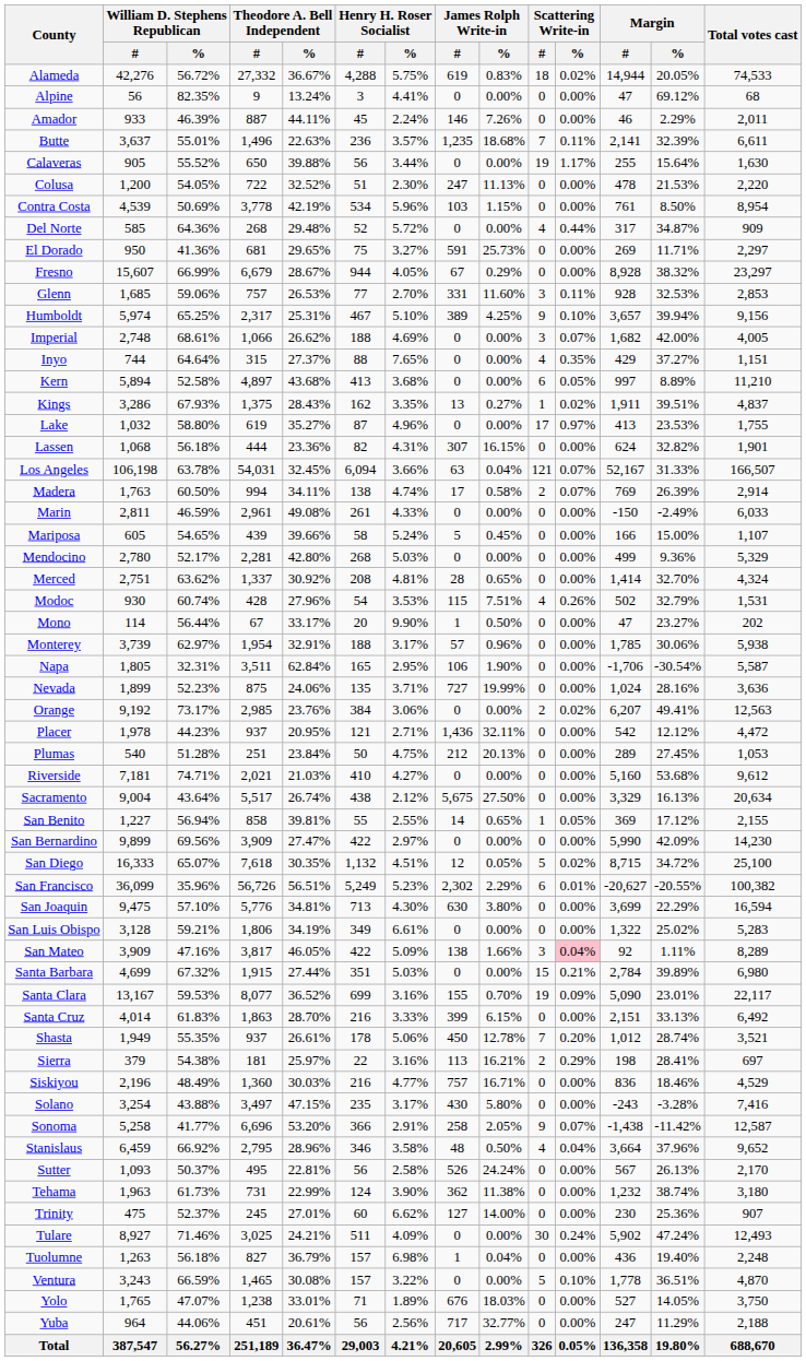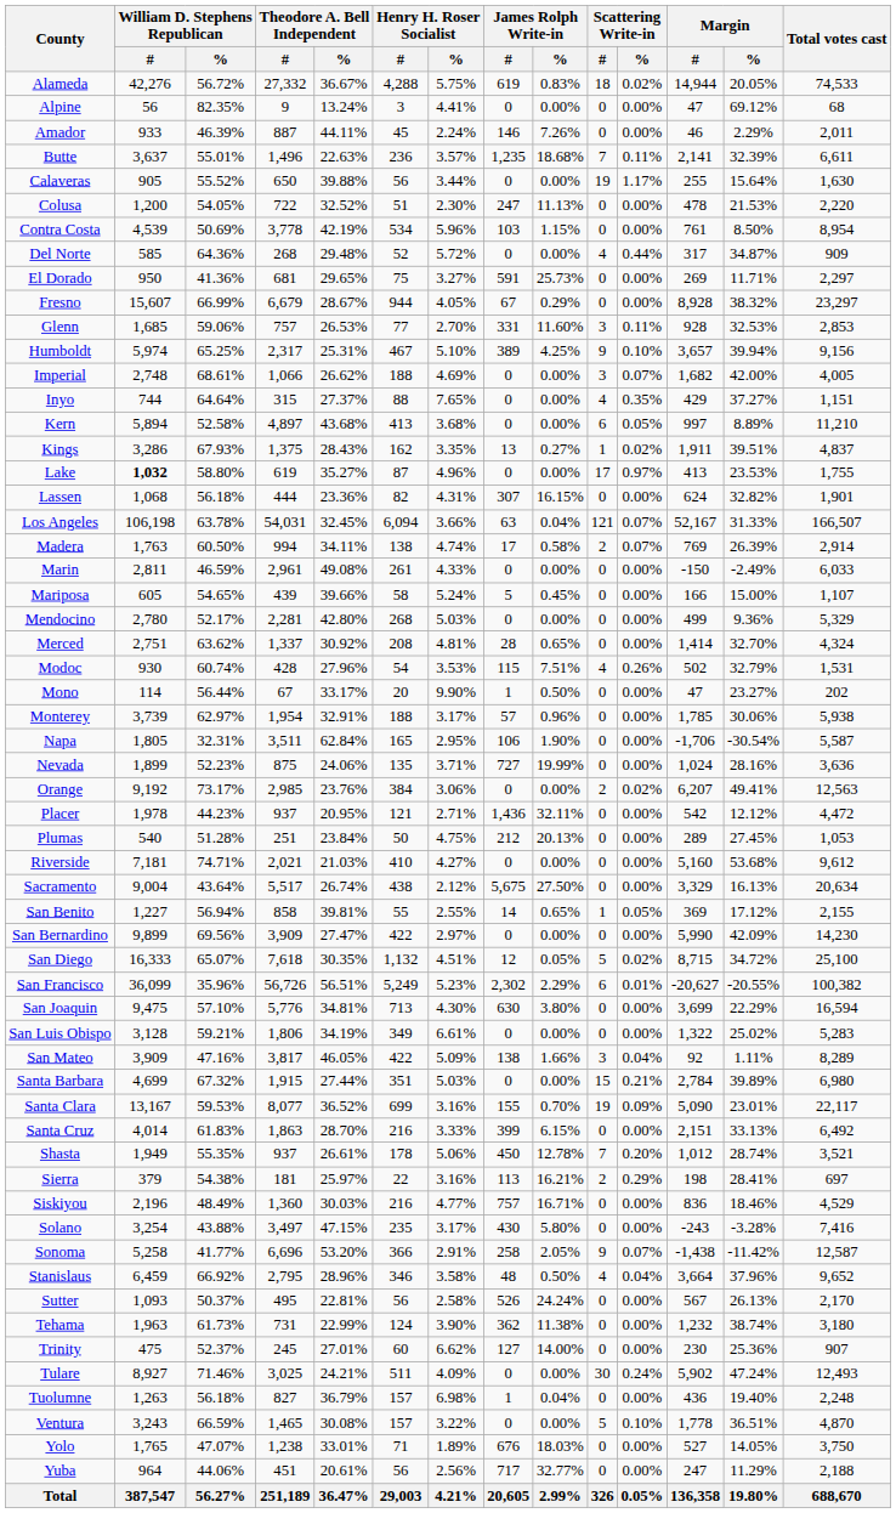 <table class="wikitable sortable" style="text-align:center">
 <tr>
 <th rowspan="2">County</th>
 <th style="text-align:center;" colspan="2">William D. Stephens<br>Republican</th>
 <th style="text-align:center;" colspan="2">Theodore A. Bell<br>Independent</th>
 <th style="text-align:center;" colspan="2">Henry H. Roser<br>Socialist</th>
 <th style="text-align:center;" colspan="2">James Rolph<br>Write-in</th>
 <th style="text-align:center;" colspan="2">Scattering<br>Write-in</th>
 <th style="text-align:center;" colspan="2">Margin</th>
 <th style="text-align:center;" rowspan="2">Total votes cast</th>
 </tr>
 <tr>
 <th style="text-align:center;" data-sort-type="number">#</th>
 <th style="text-align:center;" data-sort-type="number">%</th>
 <th style="text-align:center;" data-sort-type="number">#</th>
 <th style="text-align:center;" data-sort-type="number">%</th>
 <th style="text-align:center;" data-sort-type="number">#</th>
 <th style="text-align:center;" data-sort-type="number">%</th>
 <th style="text-align:center;" data-sort-type="number">#</th>
 <th style="text-align:center;" data-sort-type="number">%</th>
 <th style="text-align:center;" data-sort-type="number">#</th>
 <th style="text-align:center;" data-sort-type="number">%</th>
 <th style="text-align:center;" data-sort-type="number">#</th>
 <th style="text-align:center;" data-sort-type="number">%</th>
 </tr>
 <tr style="text-align:center;">
 <td><a href='#'>Alameda</a></td>
 <td>42,276</td>
 <td>56.72%</td>
 <td>27,332</td>
 <td>36.67%</td>
 <td>4,288</td>
 <td>5.75%</td>
 <td>619</td>
 <td>0.83%</td>
 <td>18</td>
 <td>0.02%</td>
 <td>14,944</td>
 <td>20.05%</td>
 <td>74,533</td>
 </tr>
 <tr style="text-align:center;">
 <td><a href='#'>Alpine</a></td>
 <td>56</td>
 <td>82.35%</td>
 <td>9</td>
 <td>13.24%</td>
 <td>3</td>
 <td>4.41%</td>
 <td>0</td>
 <td>0.00%</td>
 <td>0</td>
 <td>0.00%</td>
 <td>47</td>
 <td>69.12%</td>
 <td>68</td>
 </tr>
 <tr style="text-align:center;">
 <td><a href='#'>Amador</a></td>
 <td>933</td>
 <td>46.39%</td>
 <td>887</td>
 <td>44.11%</td>
 <td>45</td>
 <td>2.24%</td>
 <td>146</td>
 <td>7.26%</td>
 <td>0</td>
 <td>0.00%</td>
 <td>46</td>
 <td>2.29%</td>
 <td>2,011</td>
 </tr>
 <tr style="text-align:center;">
 <td><a href='#'>Butte</a></td>
 <td>3,637</td>
 <td>55.01%</td>
 <td>1,496</td>
 <td>22.63%</td>
 <td>236</td>
 <td>3.57%</td>
 <td>1,235</td>
 <td>18.68%</td>
 <td>7</td>
 <td>0.11%</td>
 <td>2,141</td>
 <td>32.39%</td>
 <td>6,611</td>
 </tr>
 <tr style="text-align:center;">
 <td><a href='#'>Calaveras</a></td>
 <td>905</td>
 <td>55.52%</td>
 <td>650</td>
 <td>39.88%</td>
 <td>56</td>
 <td>3.44%</td>
 <td>0</td>
 <td>0.00%</td>
 <td>19</td>
 <td>1.17%</td>
 <td>255</td>
 <td>15.64%</td>
 <td>1,630</td>
 </tr>
 <tr style="text-align:center;">
 <td><a href='#'>Colusa</a></td>
 <td>1,200</td>
 <td>54.05%</td>
 <td>722</td>
 <td>32.52%</td>
 <td>51</td>
 <td>2.30%</td>
 <td>247</td>
 <td>11.13%</td>
 <td>0</td>
 <td>0.00%</td>
 <td>478</td>
 <td>21.53%</td>
 <td>2,220</td>
 </tr>
 <tr style="text-align:center;">
 <td><a href='#'>Contra Costa</a></td>
 <td>4,539</td>
 <td>50.69%</td>
 <td>3,778</td>
 <td>42.19%</td>
 <td>534</td>
 <td>5.96%</td>
 <td>103</td>
 <td>1.15%</td>
 <td>0</td>
 <td>0.00%</td>
 <td>761</td>
 <td>8.50%</td>
 <td>8,954</td>
 </tr>
 <tr style="text-align:center;">
 <td><a href='#'>Del Norte</a></td>
 <td>585</td>
 <td>64.36%</td>
 <td>268</td>
 <td>29.48%</td>
 <td>52</td>
 <td>5.72%</td>
 <td>0</td>
 <td>0.00%</td>
 <td>4</td>
 <td>0.44%</td>
 <td>317</td>
 <td>34.87%</td>
 <td>909</td>
 </tr>
 <tr style="text-align:center;">
 <td><a href='#'>El Dorado</a></td>
 <td>950</td>
 <td>41.36%</td>
 <td>681</td>
 <td>29.65%</td>
 <td>75</td>
 <td>3.27%</td>
 <td>591</td>
 <td>25.73%</td>
 <td>0</td>
 <td>0.00%</td>
 <td>269</td>
 <td>11.71%</td>
 <td>2,297</td>
 </tr>
 <tr style="text-align:center;">
 <td><a href='#'>Fresno</a></td>
 <td>15,607</td>
 <td>66.99%</td>
 <td>6,679</td>
 <td>28.67%</td>
 <td>944</td>
 <td>4.05%</td>
 <td>67</td>
 <td>0.29%</td>
 <td>0</td>
 <td>0.00%</td>
 <td>8,928</td>
 <td>38.32%</td>
 <td>23,297</td>
 </tr>
 <tr style="text-align:center;">
 <td><a href='#'>Glenn</a></td>
 <td>1,685</td>
 <td>59.06%</td>
 <td>757</td>
 <td>26.53%</td>
 <td>77</td>
 <td>2.70%</td>
 <td>331</td>
 <td>11.60%</td>
 <td>3</td>
 <td>0.11%</td>
 <td>928</td>
 <td>32.53%</td>
 <td>2,853</td>
 </tr>
 <tr style="text-align:center;">
 <td><a href='#'>Humboldt</a></td>
 <td>5,974</td>
 <td>65.25%</td>
 <td>2,317</td>
 <td>25.31%</td>
 <td>467</td>
 <td>5.10%</td>
 <td>389</td>
 <td>4.25%</td>
 <td>9</td>
 <td>0.10%</td>
 <td>3,657</td>
 <td>39.94%</td>
 <td>9,156</td>
 </tr>
 <tr style="text-align:center;">
 <td><a href='#'>Imperial</a></td>
 <td>2,748</td>
 <td>68.61%</td>
 <td>1,066</td>
 <td>26.62%</td>
 <td>188</td>
 <td>4.69%</td>
 <td>0</td>
 <td>0.00%</td>
 <td>3</td>
 <td>0.07%</td>
 <td>1,682</td>
 <td>42.00%</td>
 <td>4,005</td>
 </tr>
 <tr style="text-align:center;">
 <td><a href='#'>Inyo</a></td>
 <td>744</td>
 <td>64.64%</td>
 <td>315</td>
 <td>27.37%</td>
 <td>88</td>
 <td>7.65%</td>
 <td>0</td>
 <td>0.00%</td>
 <td>4</td>
 <td>0.35%</td>
 <td>429</td>
 <td>37.27%</td>
 <td>1,151</td>
 </tr>
 <tr style="text-align:center;">
 <td><a href='#'>Kern</a></td>
 <td>5,894</td>
 <td>52.58%</td>
 <td>4,897</td>
 <td>43.68%</td>
 <td>413</td>
 <td>3.68%</td>
 <td>0</td>
 <td>0.00%</td>
 <td>6</td>
 <td>0.05%</td>
 <td>997</td>
 <td>8.89%</td>
 <td>11,210</td>
 </tr>
 <tr style="text-align:center;">
 <td><a href='#'>Kings</a></td>
 <td>3,286</td>
 <td>67.93%</td>
 <td>1,375</td>
 <td>28.43%</td>
 <td>162</td>
 <td>3.35%</td>
 <td>13</td>
 <td>0.27%</td>
 <td>1</td>
 <td>0.02%</td>
 <td>1,911</td>
 <td>39.51%</td>
 <td>4,837</td>
 </tr>
 <tr style="text-align:center;">
 <td><a href='#'>Lake</a></td>
-<td>1,032</td>
+<td><strong>1,032</strong></td>
 <td>58.80%</td>
 <td>619</td>
 <td>35.27%</td>
 <td>87</td>
 <td>4.96%</td>
 <td>0</td>
 <td>0.00%</td>
 <td>17</td>
 <td>0.97%</td>
 <td>413</td>
 <td>23.53%</td>
 <td>1,755</td>
 </tr>
 <tr style="text-align:center;">
 <td><a href='#'>Lassen</a></td>
 <td>1,068</td>
 <td>56.18%</td>
 <td>444</td>
 <td>23.36%</td>
 <td>82</td>
 <td>4.31%</td>
 <td>307</td>
 <td>16.15%</td>
 <td>0</td>
 <td>0.00%</td>
 <td>624</td>
 <td>32.82%</td>
 <td>1,901</td>
 </tr>
 <tr style="text-align:center;">
 <td><a href='#'>Los Angeles</a></td>
 <td>106,198</td>
 <td>63.78%</td>
 <td>54,031</td>
 <td>32.45%</td>
 <td>6,094</td>
 <td>3.66%</td>
 <td>63</td>
 <td>0.04%</td>
 <td>121</td>
 <td>0.07%</td>
 <td>52,167</td>
 <td>31.33%</td>
 <td>166,507</td>
 </tr>
 <tr style="text-align:center;">
 <td><a href='#'>Madera</a></td>
 <td>1,763</td>
 <td>60.50%</td>
 <td>994</td>
 <td>34.11%</td>
 <td>138</td>
 <td>4.74%</td>
 <td>17</td>
 <td>0.58%</td>
 <td>2</td>
 <td>0.07%</td>
 <td>769</td>
 <td>26.39%</td>
 <td>2,914</td>
 </tr>
 <tr style="text-align:center;">
 <td><a href='#'>Marin</a></td>
 <td>2,811</td>
 <td>46.59%</td>
 <td>2,961</td>
 <td>49.08%</td>
 <td>261</td>
 <td>4.33%</td>
 <td>0</td>
 <td>0.00%</td>
 <td>0</td>
 <td>0.00%</td>
 <td>-150</td>
 <td>-2.49%</td>
 <td>6,033</td>
 </tr>
 <tr style="text-align:center;">
 <td><a href='#'>Mariposa</a></td>
 <td>605</td>
 <td>54.65%</td>
 <td>439</td>
 <td>39.66%</td>
 <td>58</td>
 <td>5.24%</td>
 <td>5</td>
 <td>0.45%</td>
 <td>0</td>
 <td>0.00%</td>
 <td>166</td>
 <td>15.00%</td>
 <td>1,107</td>
 </tr>
 <tr style="text-align:center;">
 <td><a href='#'>Mendocino</a></td>
 <td>2,780</td>
 <td>52.17%</td>
 <td>2,281</td>
 <td>42.80%</td>
 <td>268</td>
 <td>5.03%</td>
 <td>0</td>
 <td>0.00%</td>
 <td>0</td>
 <td>0.00%</td>
 <td>499</td>
 <td>9.36%</td>
 <td>5,329</td>
 </tr>
 <tr style="text-align:center;">
 <td><a href='#'>Merced</a></td>
 <td>2,751</td>
 <td>63.62%</td>
 <td>1,337</td>
 <td>30.92%</td>
 <td>208</td>
 <td>4.81%</td>
 <td>28</td>
 <td>0.65%</td>
 <td>0</td>
 <td>0.00%</td>
 <td>1,414</td>
 <td>32.70%</td>
 <td>4,324</td>
 </tr>
 <tr style="text-align:center;">
 <td><a href='#'>Modoc</a></td>
 <td>930</td>
 <td>60.74%</td>
 <td>428</td>
 <td>27.96%</td>
 <td>54</td>
 <td>3.53%</td>
 <td>115</td>
 <td>7.51%</td>
 <td>4</td>
 <td>0.26%</td>
 <td>502</td>
 <td>32.79%</td>
 <td>1,531</td>
 </tr>
 <tr style="text-align:center;">
 <td><a href='#'>Mono</a></td>
 <td>114</td>
 <td>56.44%</td>
 <td>67</td>
 <td>33.17%</td>
 <td>20</td>
 <td>9.90%</td>
 <td>1</td>
 <td>0.50%</td>
 <td>0</td>
 <td>0.00%</td>
 <td>47</td>
 <td>23.27%</td>
 <td>202</td>
 </tr>
 <tr style="text-align:center;">
 <td><a href='#'>Monterey</a></td>
 <td>3,739</td>
 <td>62.97%</td>
 <td>1,954</td>
 <td>32.91%</td>
 <td>188</td>
 <td>3.17%</td>
 <td>57</td>
 <td>0.96%</td>
 <td>0</td>
 <td>0.00%</td>
 <td>1,785</td>
 <td>30.06%</td>
 <td>5,938</td>
 </tr>
 <tr style="text-align:center;">
 <td><a href='#'>Napa</a></td>
 <td>1,805</td>
 <td>32.31%</td>
 <td>3,511</td>
 <td>62.84%</td>
 <td>165</td>
 <td>2.95%</td>
 <td>106</td>
 <td>1.90%</td>
 <td>0</td>
 <td>0.00%</td>
 <td>-1,706</td>
 <td>-30.54%</td>
 <td>5,587</td>
 </tr>
 <tr style="text-align:center;">
 <td><a href='#'>Nevada</a></td>
 <td>1,899</td>
 <td>52.23%</td>
 <td>875</td>
 <td>24.06%</td>
 <td>135</td>
 <td>3.71%</td>
 <td>727</td>
 <td>19.99%</td>
 <td>0</td>
 <td>0.00%</td>
 <td>1,024</td>
 <td>28.16%</td>
 <td>3,636</td>
 </tr>
 <tr style="text-align:center;">
 <td><a href='#'>Orange</a></td>
 <td>9,192</td>
 <td>73.17%</td>
 <td>2,985</td>
 <td>23.76%</td>
 <td>384</td>
 <td>3.06%</td>
 <td>0</td>
 <td>0.00%</td>
 <td>2</td>
 <td>0.02%</td>
 <td>6,207</td>
 <td>49.41%</td>
 <td>12,563</td>
 </tr>
 <tr style="text-align:center;">
 <td><a href='#'>Placer</a></td>
 <td>1,978</td>
 <td>44.23%</td>
 <td>937</td>
 <td>20.95%</td>
 <td>121</td>
 <td>2.71%</td>
 <td>1,436</td>
 <td>32.11%</td>
 <td>0</td>
 <td>0.00%</td>
 <td>542</td>
 <td>12.12%</td>
 <td>4,472</td>
 </tr>
 <tr style="text-align:center;">
 <td><a href='#'>Plumas</a></td>
 <td>540</td>
 <td>51.28%</td>
 <td>251</td>
 <td>23.84%</td>
 <td>50</td>
 <td>4.75%</td>
 <td>212</td>
 <td>20.13%</td>
 <td>0</td>
 <td>0.00%</td>
 <td>289</td>
 <td>27.45%</td>
 <td>1,053</td>
 </tr>
 <tr style="text-align:center;">
 <td><a href='#'>Riverside</a></td>
 <td>7,181</td>
 <td>74.71%</td>
 <td>2,021</td>
 <td>21.03%</td>
 <td>410</td>
 <td>4.27%</td>
 <td>0</td>
 <td>0.00%</td>
 <td>0</td>
 <td>0.00%</td>
 <td>5,160</td>
 <td>53.68%</td>
 <td>9,612</td>
 </tr>
 <tr style="text-align:center;">
 <td><a href='#'>Sacramento</a></td>
 <td>9,004</td>
 <td>43.64%</td>
 <td>5,517</td>
 <td>26.74%</td>
 <td>438</td>
 <td>2.12%</td>
 <td>5,675</td>
 <td>27.50%</td>
 <td>0</td>
 <td>0.00%</td>
 <td>3,329</td>
 <td>16.13%</td>
 <td>20,634</td>
 </tr>
 <tr style="text-align:center;">
 <td><a href='#'>San Benito</a></td>
 <td>1,227</td>
 <td>56.94%</td>
 <td>858</td>
 <td>39.81%</td>
 <td>55</td>
 <td>2.55%</td>
 <td>14</td>
 <td>0.65%</td>
 <td>1</td>
 <td>0.05%</td>
 <td>369</td>
 <td>17.12%</td>
 <td>2,155</td>
 </tr>
 <tr style="text-align:center;">
 <td><a href='#'>San Bernardino</a></td>
 <td>9,899</td>
 <td>69.56%</td>
 <td>3,909</td>
 <td>27.47%</td>
 <td>422</td>
 <td>2.97%</td>
 <td>0</td>
 <td>0.00%</td>
 <td>0</td>
 <td>0.00%</td>
 <td>5,990</td>
 <td>42.09%</td>
 <td>14,230</td>
 </tr>
 <tr style="text-align:center;">
 <td><a href='#'>San Diego</a></td>
 <td>16,333</td>
 <td>65.07%</td>
 <td>7,618</td>
 <td>30.35%</td>
 <td>1,132</td>
 <td>4.51%</td>
 <td>12</td>
 <td>0.05%</td>
 <td>5</td>
 <td>0.02%</td>
 <td>8,715</td>
 <td>34.72%</td>
 <td>25,100</td>
 </tr>
 <tr style="text-align:center;">
 <td><a href='#'>San Francisco</a></td>
 <td>36,099</td>
 <td>35.96%</td>
 <td>56,726</td>
 <td>56.51%</td>
 <td>5,249</td>
 <td>5.23%</td>
 <td>2,302</td>
 <td>2.29%</td>
 <td>6</td>
 <td>0.01%</td>
 <td>-20,627</td>
 <td>-20.55%</td>
 <td>100,382</td>
 </tr>
 <tr style="text-align:center;">
 <td><a href='#'>San Joaquin</a></td>
 <td>9,475</td>
 <td>57.10%</td>
 <td>5,776</td>
 <td>34.81%</td>
 <td>713</td>
 <td>4.30%</td>
 <td>630</td>
 <td>3.80%</td>
 <td>0</td>
 <td>0.00%</td>
 <td>3,699</td>
 <td>22.29%</td>
 <td>16,594</td>
 </tr>
 <tr style="text-align:center;">
 <td><a href='#'>San Luis Obispo</a></td>
 <td>3,128</td>
 <td>59.21%</td>
 <td>1,806</td>
 <td>34.19%</td>
 <td>349</td>
 <td>6.61%</td>
 <td>0</td>
 <td>0.00%</td>
 <td>0</td>
 <td>0.00%</td>
 <td>1,322</td>
 <td>25.02%</td>
 <td>5,283</td>
 </tr>
 <tr style="text-align:center;">
 <td><a href='#'>San Mateo</a></td>
 <td>3,909</td>
 <td>47.16%</td>
 <td>3,817</td>
 <td>46.05%</td>
 <td>422</td>
 <td>5.09%</td>
 <td>138</td>
 <td>1.66%</td>
 <td>3</td>
-<td style="background: pink;">0.04%</td>
+<td>0.04%</td>
 <td>92</td>
 <td>1.11%</td>
 <td>8,289</td>
 </tr>
 <tr style="text-align:center;">
 <td><a href='#'>Santa Barbara</a></td>
 <td>4,699</td>
 <td>67.32%</td>
 <td>1,915</td>
 <td>27.44%</td>
 <td>351</td>
 <td>5.03%</td>
 <td>0</td>
 <td>0.00%</td>
 <td>15</td>
 <td>0.21%</td>
 <td>2,784</td>
 <td>39.89%</td>
 <td>6,980</td>
 </tr>
 <tr style="text-align:center;">
 <td><a href='#'>Santa Clara</a></td>
 <td>13,167</td>
 <td>59.53%</td>
 <td>8,077</td>
 <td>36.52%</td>
 <td>699</td>
 <td>3.16%</td>
 <td>155</td>
 <td>0.70%</td>
 <td>19</td>
 <td>0.09%</td>
 <td>5,090</td>
 <td>23.01%</td>
 <td>22,117</td>
 </tr>
 <tr style="text-align:center;">
 <td><a href='#'>Santa Cruz</a></td>
 <td>4,014</td>
 <td>61.83%</td>
 <td>1,863</td>
 <td>28.70%</td>
 <td>216</td>
 <td>3.33%</td>
 <td>399</td>
 <td>6.15%</td>
 <td>0</td>
 <td>0.00%</td>
 <td>2,151</td>
 <td>33.13%</td>
 <td>6,492</td>
 </tr>
 <tr style="text-align:center;">
 <td><a href='#'>Shasta</a></td>
 <td>1,949</td>
 <td>55.35%</td>
 <td>937</td>
 <td>26.61%</td>
 <td>178</td>
 <td>5.06%</td>
 <td>450</td>
 <td>12.78%</td>
 <td>7</td>
 <td>0.20%</td>
 <td>1,012</td>
 <td>28.74%</td>
 <td>3,521</td>
 </tr>
 <tr style="text-align:center;">
 <td><a href='#'>Sierra</a></td>
 <td>379</td>
 <td>54.38%</td>
 <td>181</td>
 <td>25.97%</td>
 <td>22</td>
 <td>3.16%</td>
 <td>113</td>
 <td>16.21%</td>
 <td>2</td>
 <td>0.29%</td>
 <td>198</td>
 <td>28.41%</td>
 <td>697</td>
 </tr>
 <tr style="text-align:center;">
 <td><a href='#'>Siskiyou</a></td>
 <td>2,196</td>
 <td>48.49%</td>
 <td>1,360</td>
 <td>30.03%</td>
 <td>216</td>
 <td>4.77%</td>
 <td>757</td>
 <td>16.71%</td>
 <td>0</td>
 <td>0.00%</td>
 <td>836</td>
 <td>18.46%</td>
 <td>4,529</td>
 </tr>
 <tr style="text-align:center;">
 <td><a href='#'>Solano</a></td>
 <td>3,254</td>
 <td>43.88%</td>
 <td>3,497</td>
 <td>47.15%</td>
 <td>235</td>
 <td>3.17%</td>
 <td>430</td>
 <td>5.80%</td>
 <td>0</td>
 <td>0.00%</td>
 <td>-243</td>
 <td>-3.28%</td>
 <td>7,416</td>
 </tr>
 <tr style="text-align:center;">
 <td><a href='#'>Sonoma</a></td>
 <td>5,258</td>
 <td>41.77%</td>
 <td>6,696</td>
 <td>53.20%</td>
 <td>366</td>
 <td>2.91%</td>
 <td>258</td>
 <td>2.05%</td>
 <td>9</td>
 <td>0.07%</td>
 <td>-1,438</td>
 <td>-11.42%</td>
 <td>12,587</td>
 </tr>
 <tr style="text-align:center;">
 <td><a href='#'>Stanislaus</a></td>
 <td>6,459</td>
 <td>66.92%</td>
 <td>2,795</td>
 <td>28.96%</td>
 <td>346</td>
 <td>3.58%</td>
 <td>48</td>
 <td>0.50%</td>
 <td>4</td>
 <td>0.04%</td>
 <td>3,664</td>
 <td>37.96%</td>
 <td>9,652</td>
 </tr>
 <tr style="text-align:center;">
 <td><a href='#'>Sutter</a></td>
 <td>1,093</td>
 <td>50.37%</td>
 <td>495</td>
 <td>22.81%</td>
 <td>56</td>
 <td>2.58%</td>
 <td>526</td>
 <td>24.24%</td>
 <td>0</td>
 <td>0.00%</td>
 <td>567</td>
 <td>26.13%</td>
 <td>2,170</td>
 </tr>
 <tr style="text-align:center;">
 <td><a href='#'>Tehama</a></td>
 <td>1,963</td>
 <td>61.73%</td>
 <td>731</td>
 <td>22.99%</td>
 <td>124</td>
 <td>3.90%</td>
 <td>362</td>
 <td>11.38%</td>
 <td>0</td>
 <td>0.00%</td>
 <td>1,232</td>
 <td>38.74%</td>
 <td>3,180</td>
 </tr>
 <tr style="text-align:center;">
 <td><a href='#'>Trinity</a></td>
 <td>475</td>
 <td>52.37%</td>
 <td>245</td>
 <td>27.01%</td>
 <td>60</td>
 <td>6.62%</td>
 <td>127</td>
 <td>14.00%</td>
 <td>0</td>
 <td>0.00%</td>
 <td>230</td>
 <td>25.36%</td>
 <td>907</td>
 </tr>
 <tr style="text-align:center;">
 <td><a href='#'>Tulare</a></td>
 <td>8,927</td>
 <td>71.46%</td>
 <td>3,025</td>
 <td>24.21%</td>
 <td>511</td>
 <td>4.09%</td>
 <td>0</td>
 <td>0.00%</td>
 <td>30</td>
 <td>0.24%</td>
 <td>5,902</td>
 <td>47.24%</td>
 <td>12,493</td>
 </tr>
 <tr style="text-align:center;">
 <td><a href='#'>Tuolumne</a></td>
 <td>1,263</td>
 <td>56.18%</td>
 <td>827</td>
 <td>36.79%</td>
 <td>157</td>
 <td>6.98%</td>
 <td>1</td>
 <td>0.04%</td>
 <td>0</td>
 <td>0.00%</td>
 <td>436</td>
 <td>19.40%</td>
 <td>2,248</td>
 </tr>
 <tr style="text-align:center;">
 <td><a href='#'>Ventura</a></td>
 <td>3,243</td>
 <td>66.59%</td>
 <td>1,465</td>
 <td>30.08%</td>
 <td>157</td>
 <td>3.22%</td>
 <td>0</td>
 <td>0.00%</td>
 <td>5</td>
 <td>0.10%</td>
 <td>1,778</td>
 <td>36.51%</td>
 <td>4,870</td>
 </tr>
 <tr style="text-align:center;">
 <td><a href='#'>Yolo</a></td>
 <td>1,765</td>
 <td>47.07%</td>
 <td>1,238</td>
 <td>33.01%</td>
 <td>71</td>
 <td>1.89%</td>
 <td>676</td>
 <td>18.03%</td>
 <td>0</td>
 <td>0.00%</td>
 <td>527</td>
 <td>14.05%</td>
 <td>3,750</td>
 </tr>
 <tr style="text-align:center;">
 <td><a href='#'>Yuba</a></td>
 <td>964</td>
 <td>44.06%</td>
 <td>451</td>
 <td>20.61%</td>
 <td>56</td>
 <td>2.56%</td>
 <td>717</td>
 <td>32.77%</td>
 <td>0</td>
 <td>0.00%</td>
 <td>247</td>
 <td>11.29%</td>
 <td>2,188</td>
 </tr>
 <tr style="text-align:center;">
 <th>Total</th>
 <th>387,547</th>
 <th>56.27%</th>
 <th>251,189</th>
 <th>36.47%</th>
 <th>29,003</th>
 <th>4.21%</th>
 <th>20,605</th>
 <th>2.99%</th>
 <th>326</th>
 <th>0.05%</th>
 <th>136,358</th>
 <th>19.80%</th>
 <th>688,670</th>
 </tr>
 </table>
